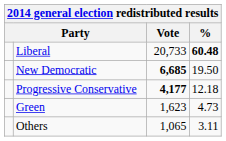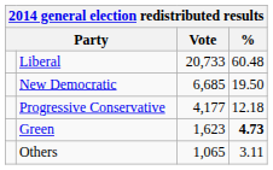 <table class="wikitable">
 <tr>
 <th colspan="4"><a href='#'>2014 general election</a> redistributed results</th>
 </tr>
 <tr>
 <th bgcolor="#DDDDFF" width="130px" colspan="2">Party</th>
 <th bgcolor="#DDDDFF" width="50px">Vote</th>
 <th bgcolor="#DDDDFF" width="30px">%</th>
 </tr>
 <tr>
 <td> </td>
 <td><a href='#'>Liberal</a></td>
 <td align=right>20,733</td>
-<td align=right><strong>60.48</strong></td>
+<td align=right>60.48</td>
 </tr>
 <tr>
 <td> </td>
 <td><a href='#'>New Democratic</a></td>
-<td align=right><strong>6,685</strong></td>
+<td align=right>6,685</td>
 <td align=right>19.50</td>
 </tr>
 <tr>
 <td> </td>
 <td><a href='#'>Progressive Conservative</a></td>
-<td align=right><strong>4,177</strong></td>
+<td align=right>4,177</td>
 <td align=right>12.18</td>
 </tr>
 <tr>
 <td> </td>
 <td><a href='#'>Green</a></td>
 <td align=right>1,623</td>
-<td align=right>4.73</td>
+<td align=right><strong>4.73</strong></td>
 </tr>
 <tr>
 <td> </td>
 <td>Others</td>
 <td align=right>1,065</td>
 <td align=right>3.11</td>
 </tr>
 </table>
